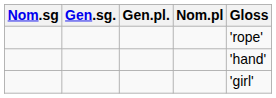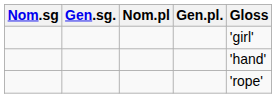 <table class="wikitable">
 <tr>
 <th><a href='#'>Nom</a>.sg</th>
 <th><a href='#'>Gen</a>.sg.</th>
+<th>Nom.pl</th>
 <th>Gen.pl.</th>
-<th>Nom.pl</th>
 <th>Gloss</th>
 </tr>
 <tr>
 <td></td>
 <td></td>
 <td></td>
 <td></td>
-<td>'rope'</td>
+<td>'girl'</td>
 </tr>
 <tr>
 <td></td>
 <td></td>
 <td></td>
 <td></td>
 <td>'hand'</td>
 </tr>
 <tr>
 <td></td>
 <td></td>
 <td></td>
 <td></td>
-<td>'girl'</td>
+<td>'rope'</td>
 </tr>
 </table>
